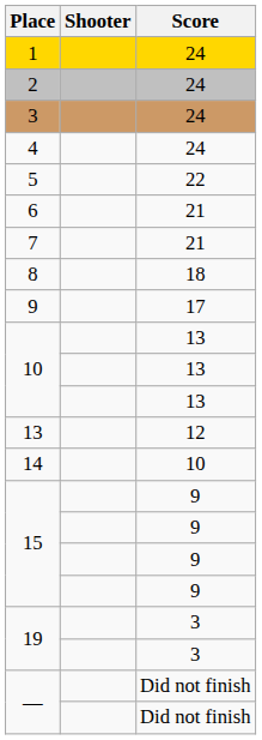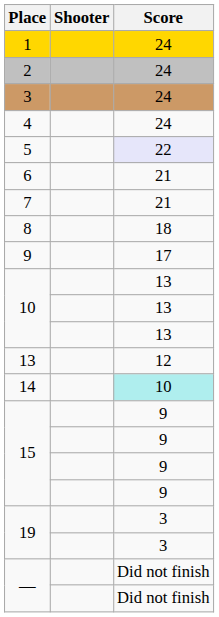 <table class=wikitable>
 <tr>
 <th>Place</th>
 <th>Shooter</th>
 <th>Score</th>
 </tr>
 <tr bgcolor=gold>
 <td align=center>1</td>
 <td></td>
 <td align=center>24</td>
 </tr>
 <tr bgcolor=silver>
 <td align=center>2</td>
 <td></td>
 <td align=center>24</td>
 </tr>
 <tr bgcolor=cc9966>
 <td align=center>3</td>
 <td></td>
 <td align=center>24</td>
 </tr>
 <tr>
 <td align=center>4</td>
 <td></td>
 <td align=center>24</td>
 </tr>
 <tr>
 <td align=center>5</td>
 <td></td>
-<td align=center>22</td>
+<td align=center style="background: lavender;">22</td>
 </tr>
 <tr>
 <td align=center>6</td>
 <td></td>
 <td align=center>21</td>
 </tr>
 <tr>
 <td align=center>7</td>
 <td></td>
 <td align=center>21</td>
 </tr>
 <tr>
 <td align=center>8</td>
 <td></td>
 <td align=center>18</td>
 </tr>
 <tr>
 <td align=center>9</td>
 <td></td>
 <td align=center>17</td>
 </tr>
 <tr>
 <td align=center rowspan=3>10</td>
 <td></td>
 <td align=center>13</td>
 </tr>
 <tr>
 <td></td>
 <td align=center>13</td>
 </tr>
 <tr>
 <td></td>
 <td align=center>13</td>
 </tr>
 <tr>
 <td align=center>13</td>
 <td></td>
 <td align=center>12</td>
 </tr>
 <tr>
 <td align=center>14</td>
 <td></td>
-<td align=center>10</td>
+<td align=center style="background: paleturquoise;">10</td>
 </tr>
 <tr>
 <td align=center rowspan=4>15</td>
 <td></td>
 <td align=center>9</td>
 </tr>
 <tr>
 <td></td>
 <td align=center>9</td>
 </tr>
 <tr>
 <td></td>
 <td align=center>9</td>
 </tr>
 <tr>
 <td></td>
 <td align=center>9</td>
 </tr>
 <tr>
 <td align=center rowspan=2>19</td>
 <td></td>
 <td align=center>3</td>
 </tr>
 <tr>
 <td></td>
 <td align=center>3</td>
 </tr>
 <tr>
 <td align=center rowspan=2>—</td>
 <td></td>
 <td align=center>Did not finish</td>
 </tr>
 <tr>
 <td></td>
 <td align=center>Did not finish</td>
 </tr>
 </table>
